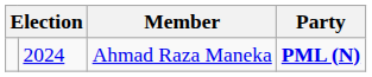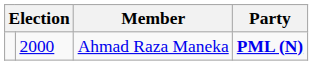 <table class="wikitable">
 <tr>
 <th colspan="2">Election</th>
 <th>Member</th>
 <th>Party</th>
 </tr>
 <tr>
 <td style="background-color: "></td>
-<td><a href='#'>2024</a></td>
+<td><a href='#'>2000</a></td>
 <td><a href='#'>Ahmad Raza Maneka</a></td>
 <td><strong><a href='#'>PML (N)</a></strong></td>
 </tr>
 </table>
